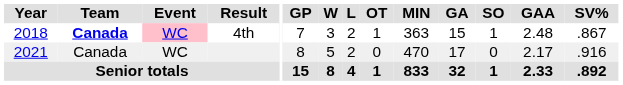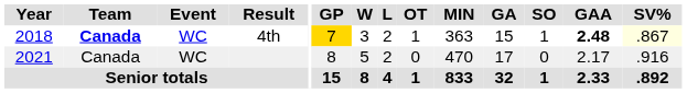 <table border="0" cellpadding="1" cellspacing="0" ID="Table3" style="text-align:center; width:40em">
 <tr bgcolor="#e0e0e0">
 <th>Year</th>
 <th>Team</th>
 <th>Event</th>
 <th>Result</th>
 <th rowspan="99" bgcolor="#ffffff"></th>
 <th>GP</th>
 <th>W</th>
 <th>L</th>
 <th>OT</th>
 <th>MIN</th>
 <th>GA</th>
 <th>SO</th>
 <th>GAA</th>
 <th>SV%</th>
 </tr>
 <tr>
 <td><a href='#'>2018</a></td>
 <td><strong><a href='#'>Canada</a></strong></td>
-<td style="background: pink;"><a href='#'>WC</a></td>
+<td><a href='#'>WC</a></td>
 <td>4th</td>
-<td>7</td>
+<td style="background: gold;">7</td>
 <td>3</td>
 <td>2</td>
 <td>1</td>
 <td>363</td>
 <td>15</td>
 <td>1</td>
-<td>2.48</td>
-<td>.867</td>
+<td><strong>2.48</strong></td>
+<td style="background: lightyellow;">.867</td>
 </tr>
 <tr ALIGN="center" bgcolor="#f0f0f0">
 <td><a href='#'>2021</a></td>
 <td>Canada</td>
 <td>WC</td>
 <td></td>
 <td>8</td>
 <td>5</td>
 <td>2</td>
 <td>0</td>
 <td>470</td>
 <td>17</td>
 <td>0</td>
 <td>2.17</td>
 <td>.916</td>
 </tr>
 <tr bgcolor="#e0e0e0">
 <th colspan=4>Senior totals</th>
 <th>15</th>
 <th>8</th>
 <th>4</th>
 <th>1</th>
 <th>833</th>
 <th>32</th>
 <th>1</th>
 <th>2.33</th>
 <th>.892</th>
 </tr>
 </table>
